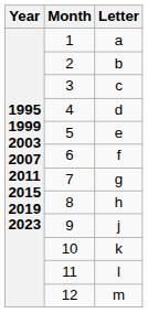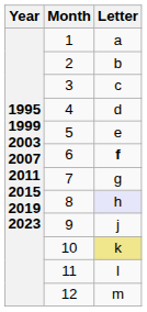 <table class="wikitable" style="float:left; margin-right:2em;">
 <tr>
 <th>Year</th>
 <th>Month</th>
 <th>Letter</th>
 </tr>
 <tr style="text-align:center;">
 <th rowspan="12">1995<br>1999<br>2003<br>2007<br>2011<br>2015<br>2019<br>2023</th>
 <td>1</td>
 <td>a</td>
 </tr>
 <tr style="text-align:center;">
 <td>2</td>
 <td>b</td>
 </tr>
 <tr style="text-align:center;">
 <td>3</td>
 <td>c</td>
 </tr>
 <tr style="text-align:center;">
 <td>4</td>
 <td>d</td>
 </tr>
 <tr style="text-align:center;">
 <td>5</td>
 <td>e</td>
 </tr>
 <tr style="text-align:center;">
 <td>6</td>
-<td>f</td>
+<td><strong>f</strong></td>
 </tr>
 <tr style="text-align:center;">
 <td>7</td>
 <td>g</td>
 </tr>
 <tr style="text-align:center;">
 <td>8</td>
-<td>h</td>
+<td style="background: lavender;">h</td>
 </tr>
 <tr style="text-align:center;">
 <td>9</td>
 <td>j</td>
 </tr>
 <tr style="text-align:center;">
 <td>10</td>
-<td>k</td>
+<td style="background: khaki;">k</td>
 </tr>
 <tr style="text-align:center;">
 <td>11</td>
 <td>l</td>
 </tr>
 <tr style="text-align:center;">
 <td>12</td>
 <td>m</td>
 </tr>
 </table>
